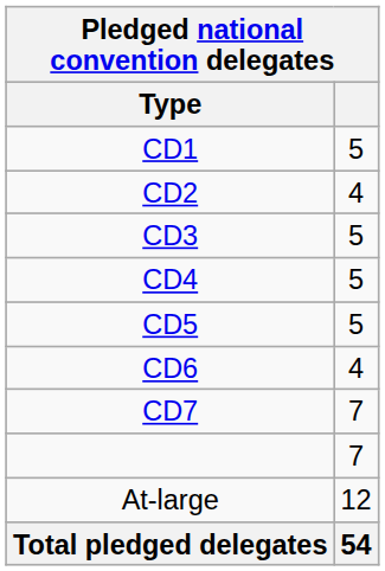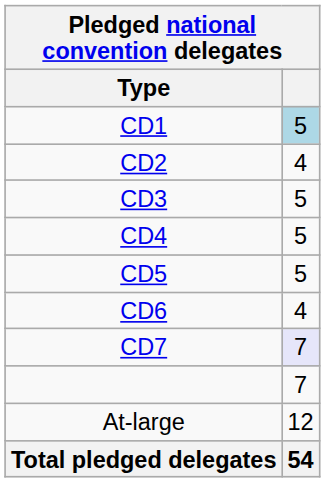 <table class="wikitable sortable" style="font-size:90%;text-align:center;float:right;padding:5px;">
 <tr>
 <th colspan="2">Pledged <a href='#'>national<br>convention</a> delegates</th>
 </tr>
 <tr>
 <th>Type</th>
 <th></th>
 </tr>
 <tr>
 <td><a href='#'>CD1</a></td>
-<td>5</td>
+<td style="background: lightblue;">5</td>
 </tr>
 <tr>
 <td><a href='#'>CD2</a></td>
 <td>4</td>
 </tr>
 <tr>
 <td><a href='#'>CD3</a></td>
 <td>5</td>
 </tr>
 <tr>
 <td><a href='#'>CD4</a></td>
 <td>5</td>
 </tr>
 <tr>
 <td><a href='#'>CD5</a></td>
 <td>5</td>
 </tr>
 <tr>
 <td><a href='#'>CD6</a></td>
 <td>4</td>
 </tr>
 <tr>
 <td><a href='#'>CD7</a></td>
-<td>7</td>
+<td style="background: lavender;">7</td>
 </tr>
 <tr>
 <td></td>
 <td>7</td>
 </tr>
 <tr>
 <td>At-large</td>
 <td>12</td>
 </tr>
 <tr>
 <th>Total pledged delegates</th>
 <th>54</th>
 </tr>
 </table>
